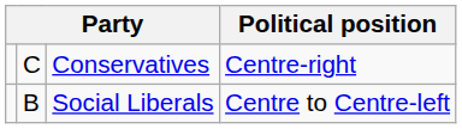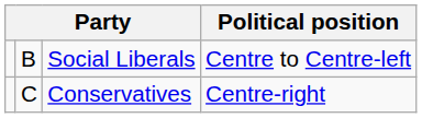 <table class="wikitable">
 <tr>
 <th colspan="3">Party</th>
 <th>Political position</th>
 </tr>
 <tr>
 <td></td>
+<td>B</td>
+<td><a href='#'>Social Liberals</a></td>
+<td><a href='#'>Centre</a> to <a href='#'>Centre-left</a></td>
+</tr>
+<tr>
+<td></td>
 <td>C</td>
 <td><a href='#'>Conservatives</a></td>
 <td><a href='#'>Centre-right</a></td>
 </tr>
-<tr>
-<td></td>
-<td>B</td>
-<td><a href='#'>Social Liberals</a></td>
-<td><a href='#'>Centre</a> to <a href='#'>Centre-left</a></td>
-</tr>
 </table>
